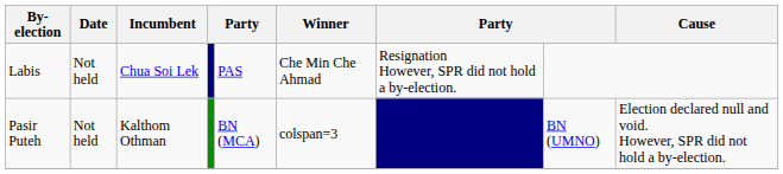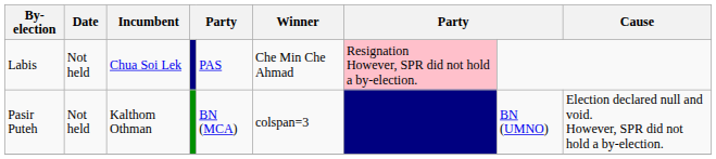 <table class="wikitable">
 <tr>
 <th>By-election</th>
 <th>Date</th>
 <th>Incumbent</th>
 <th colspan=2>Party</th>
 <th>Winner</th>
 <th colspan=2>Party</th>
 <th>Cause</th>
 </tr>
 <tr>
 <td>Labis</td>
 <td>Not held</td>
 <td><a href='#'>Chua Soi Lek</a></td>
 <td bgcolor=#000080></td>
 <td><a href='#'>PAS</a></td>
 <td>Che Min Che Ahmad</td>
-<td>Resignation<br> However, SPR did not hold a by-election.</td>
+<td style="background: pink;">Resignation<br> However, SPR did not hold a by-election.</td>
 </tr>
 <tr>
 <td>Pasir Puteh</td>
 <td>Not held</td>
 <td>Kalthom Othman</td>
 <td bgcolor=#009000></td>
 <td><a href='#'>BN</a> (<a href='#'>MCA</a>)</td>
 <td>colspan=3 </td>
 <td bgcolor=#000080></td>
 <td><a href='#'>BN</a> (<a href='#'>UMNO</a>)</td>
 <td>Election declared null and void.<br> However, SPR did not hold a by-election.</td>
 </tr>
 <tr>
 </tr>
 </table>
